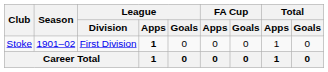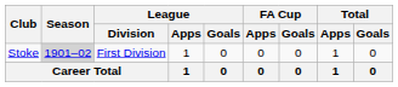 <table class="wikitable" style="text-align: center;">
 <tr>
 <th rowspan="2">Club</th>
 <th rowspan="2">Season</th>
 <th colspan="3">League</th>
 <th colspan="2">FA Cup</th>
 <th colspan="2">Total</th>
 </tr>
 <tr>
 <th>Division</th>
 <th>Apps</th>
 <th>Goals</th>
 <th>Apps</th>
 <th>Goals</th>
 <th>Apps</th>
 <th>Goals</th>
 </tr>
 <tr>
 <td><a href='#'>Stoke</a></td>
-<td><a href='#'>1901–02</a></td>
+<td style="background: lightgrey;"><a href='#'>1901–02</a></td>
 <td><a href='#'>First Division</a></td>
-<td><strong>1</strong></td>
+<td>1</td>
 <td>0</td>
 <td>0</td>
 <td>0</td>
 <td>1</td>
 <td>0</td>
 </tr>
 <tr>
 <th colspan="3">Career Total</th>
 <th>1</th>
 <th>0</th>
 <th>0</th>
 <th>0</th>
 <th>1</th>
 <th>0</th>
 </tr>
 </table>
